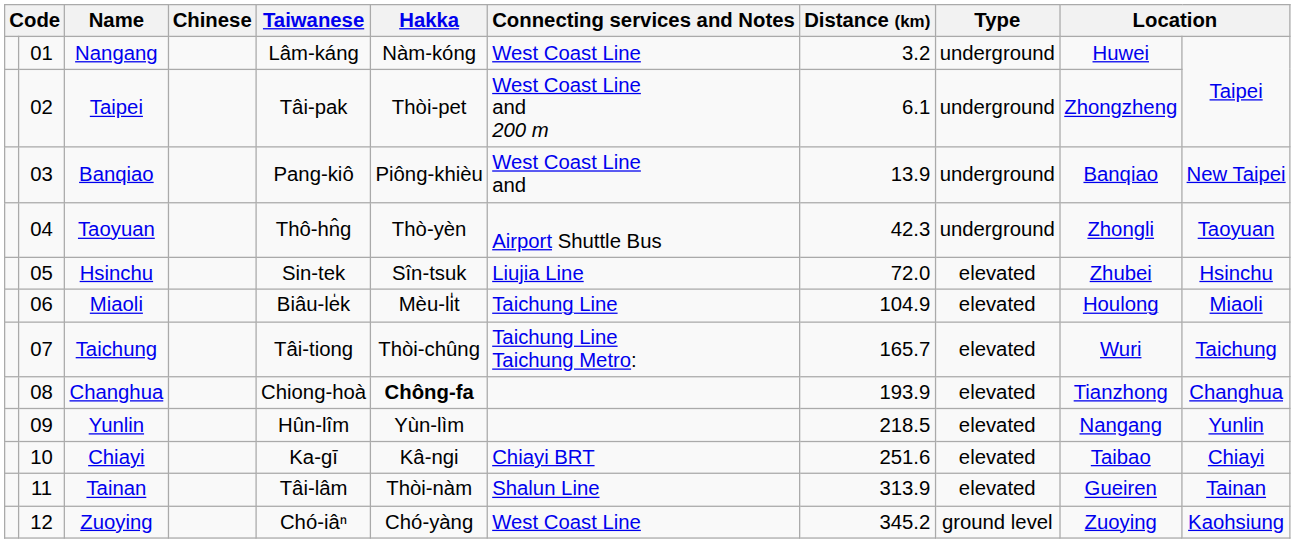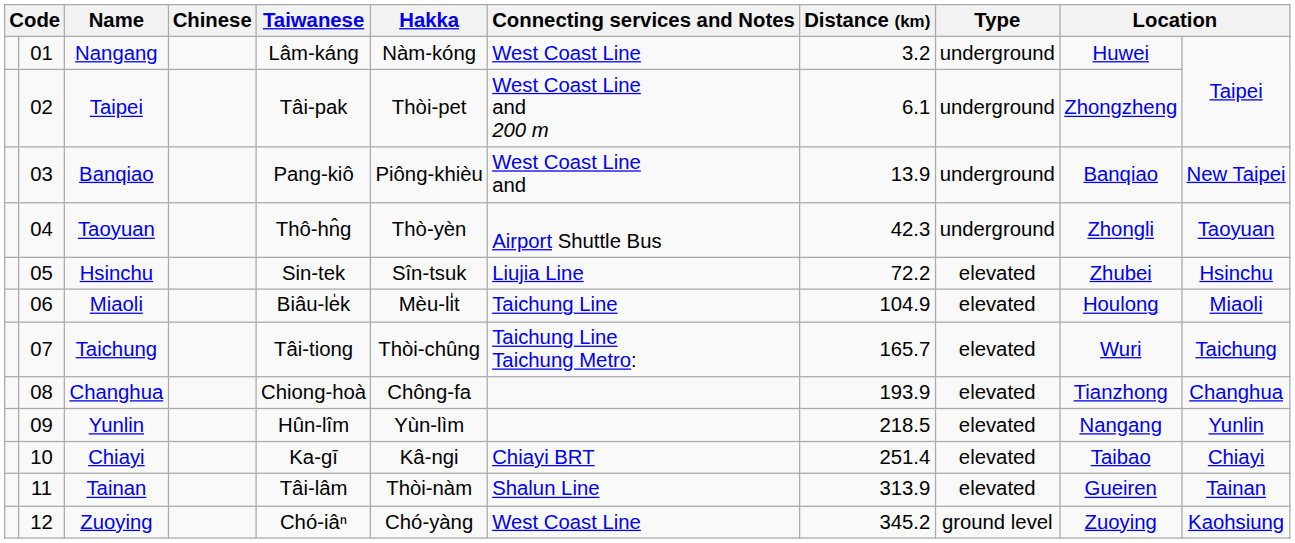 <table class=wikitable>
 <tr>
 <th colspan=2>Code</th>
 <th>Name</th>
 <th>Chinese</th>
 <th><a href='#'>Taiwanese</a></th>
 <th><a href='#'>Hakka</a></th>
 <th>Connecting services and Notes</th>
 <th>Distance <small>(km)</small></th>
 <th>Type</th>
 <th colspan=2>Location</th>
 </tr>
 <tr align=center>
 <td></td>
 <td>01</td>
 <td><a href='#'>Nangang</a></td>
 <td></td>
 <td>Lâm-káng</td>
 <td>Nàm-kóng</td>
 <td align=left> <a href='#'>West Coast Line</a> <br>  </td>
 <td align=right>3.2</td>
 <td>underground</td>
 <td><a href='#'>Huwei</a></td>
 <td rowspan=2><a href='#'>Taipei</a></td>
 </tr>
 <tr align=center>
 <td></td>
 <td>02</td>
 <td><a href='#'>Taipei</a></td>
 <td></td>
 <td>Tâi-pak</td>
 <td>Thòi-pet</td>
 <td align=left> <a href='#'>West Coast Line</a> <br>   and  <br>   <em>200 m</em></td>
 <td align=right>6.1</td>
 <td>underground</td>
 <td><a href='#'>Zhongzheng</a></td>
 </tr>
 <tr align=center>
 <td></td>
 <td>03</td>
 <td><a href='#'>Banqiao</a></td>
 <td></td>
 <td>Pang-kiô</td>
 <td>Piông-khièu</td>
 <td align=left> <a href='#'>West Coast Line</a> <br>   and  <span></span></td>
 <td align=right>13.9</td>
 <td>underground</td>
 <td><a href='#'>Banqiao</a></td>
 <td><a href='#'>New Taipei</a></td>
 </tr>
 <tr align=center>
 <td></td>
 <td>04</td>
 <td><a href='#'>Taoyuan</a></td>
 <td></td>
 <td>Thô-hn̂g</td>
 <td>Thò-yèn</td>
 <td align=left>   <br><a href='#'>Airport</a> Shuttle Bus</td>
 <td align=right>42.3</td>
 <td>underground</td>
 <td><a href='#'>Zhongli</a></td>
 <td><a href='#'>Taoyuan</a></td>
 </tr>
 <tr align=center>
 <td></td>
 <td>05</td>
 <td><a href='#'>Hsinchu</a></td>
 <td></td>
 <td>Sin-tek</td>
 <td>Sîn-tsuk</td>
 <td align=left> <a href='#'>Liujia Line</a> </td>
-<td align=right>72.0</td>
+<td align=right>72.2</td>
 <td>elevated</td>
 <td><a href='#'>Zhubei</a></td>
 <td><a href='#'>Hsinchu</a></td>
 </tr>
 <tr align=center>
 <td></td>
 <td>06</td>
 <td><a href='#'>Miaoli</a></td>
 <td></td>
 <td>Biâu-le̍k</td>
 <td>Mèu-li̍t</td>
 <td align=left> <a href='#'>Taichung Line</a> </td>
 <td align=right>104.9</td>
 <td>elevated</td>
 <td><a href='#'>Houlong</a></td>
 <td><a href='#'>Miaoli</a></td>
 </tr>
 <tr align=center>
 <td></td>
 <td>07</td>
 <td><a href='#'>Taichung</a></td>
 <td></td>
 <td>Tâi-tiong</td>
 <td>Thòi-chûng</td>
 <td align=left> <a href='#'>Taichung Line</a> <br><a href='#'>Taichung Metro</a>:  <span></span></td>
 <td align=right>165.7</td>
 <td>elevated</td>
 <td><a href='#'>Wuri</a></td>
 <td><a href='#'>Taichung</a></td>
 </tr>
 <tr align=center>
 <td></td>
 <td>08</td>
 <td><a href='#'>Changhua</a></td>
 <td></td>
 <td>Chiong-hoà</td>
-<td><strong>Chông-fa</strong></td>
+<td>Chông-fa</td>
 <td align=left></td>
 <td align=right>193.9</td>
 <td>elevated</td>
 <td><a href='#'>Tianzhong</a></td>
 <td><a href='#'>Changhua</a></td>
 </tr>
 <tr align=center>
 <td></td>
 <td>09</td>
 <td><a href='#'>Yunlin</a></td>
 <td></td>
 <td>Hûn-lîm</td>
 <td>Yùn-lìm</td>
 <td align=left></td>
 <td align=right>218.5</td>
 <td>elevated</td>
 <td><a href='#'>Nangang</a></td>
 <td><a href='#'>Yunlin</a></td>
 </tr>
 <tr align=center>
 <td></td>
 <td>10</td>
 <td><a href='#'>Chiayi</a></td>
 <td></td>
 <td>Ka-gī</td>
 <td>Kâ-ngi</td>
 <td align=left> <a href='#'>Chiayi BRT</a></td>
-<td align=right>251.6</td>
+<td align=right>251.4</td>
 <td>elevated</td>
 <td><a href='#'>Taibao</a></td>
 <td><a href='#'>Chiayi</a></td>
 </tr>
 <tr align=center>
 <td></td>
 <td>11</td>
 <td><a href='#'>Tainan</a></td>
 <td></td>
 <td>Tâi-lâm</td>
 <td>Thòi-nàm</td>
 <td align=left> <a href='#'>Shalun Line</a> </td>
 <td align=right>313.9</td>
 <td>elevated</td>
 <td><a href='#'>Gueiren</a></td>
 <td><a href='#'>Tainan</a></td>
 </tr>
 <tr align=center>
 <td></td>
 <td>12</td>
 <td><a href='#'>Zuoying</a></td>
 <td></td>
 <td>Chó-iâⁿ</td>
 <td>Chó-yàng</td>
 <td align=left> <a href='#'>West Coast Line</a> <br>  </td>
 <td align=right>345.2</td>
 <td>ground level</td>
 <td><a href='#'>Zuoying</a></td>
 <td rowspan=2><a href='#'>Kaohsiung</a></td>
 </tr>
 </table>
